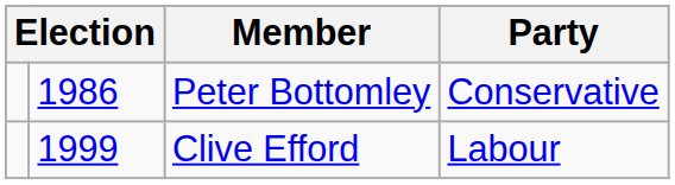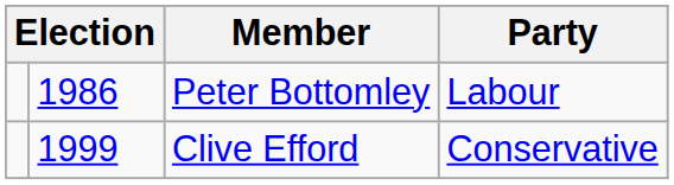 <table class="wikitable">
 <tr>
 <th colspan="2">Election</th>
 <th>Member</th>
 <th>Party</th>
 </tr>
 <tr>
 <td style="color:inherit;background-color: "></td>
 <td><a href='#'>1986</a></td>
 <td><a href='#'>Peter Bottomley</a></td>
-<td><a href='#'>Conservative</a></td>
+<td><a href='#'>Labour</a></td>
 </tr>
 <tr>
 <td style="color:inherit;background-color: "></td>
 <td><a href='#'>1999</a></td>
 <td><a href='#'>Clive Efford</a></td>
-<td><a href='#'>Labour</a></td>
+<td><a href='#'>Conservative</a></td>
 </tr>
 </table>
